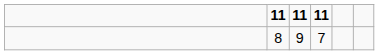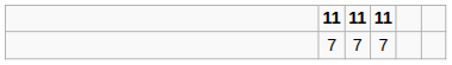 <table class="wikitable">
 <tr>
 <td style="width:18em"></td>
 <td align=center style="width:1em"><strong>11</strong></td>
 <td align=center style="width:1em"><strong>11</strong></td>
 <td align=center style="width:1em"><strong>11</strong></td>
 <td align=center style="width:1em"></td>
 <td align=center style="width:1em"></td>
 </tr>
 <tr>
 <td style="width:18em"></td>
-<td align=center style="width:1em">8</td>
-<td align=center style="width:1em">9</td>
+<td align=center style="width:1em">7</td>
+<td align=center style="width:1em">7</td>
 <td align=center style="width:1em">7</td>
 <td align=center style="width:1em"></td>
 <td align=center style="width:1em"></td>
 </tr>
 </table>
